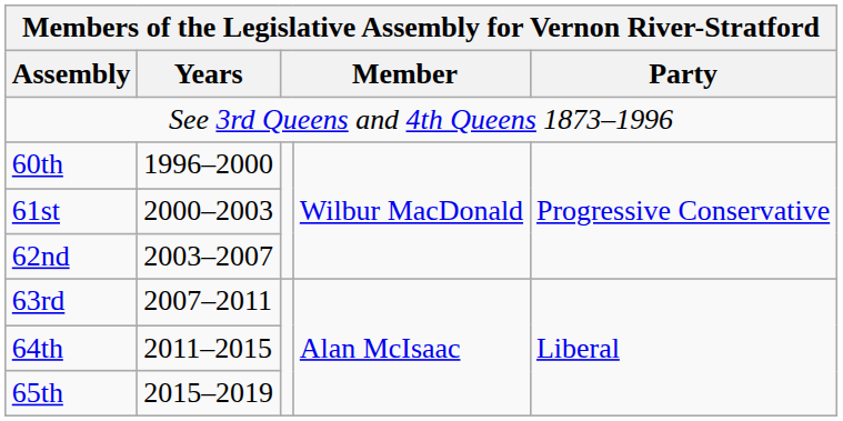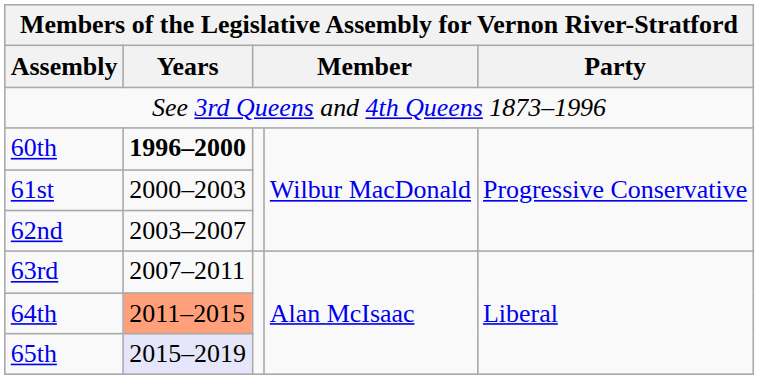 <table class="wikitable" align=centre>
 <tr>
 <th colspan=5>Members of the Legislative Assembly for Vernon River-Stratford</th>
 </tr>
 <tr>
 <th>Assembly</th>
 <th>Years</th>
 <th colspan="2">Member</th>
 <th>Party</th>
 </tr>
 <tr>
 <td align="center" colspan=5><em>See <a href='#'>3rd Queens</a> and <a href='#'>4th Queens</a> 1873–1996</em></td>
 </tr>
 <tr>
 <td><a href='#'>60th</a></td>
-<td>1996–2000</td>
+<td><strong>1996–2000</strong></td>
 <td rowspan=3 ></td>
 <td rowspan=3><a href='#'>Wilbur MacDonald</a></td>
 <td rowspan=3><a href='#'>Progressive Conservative</a></td>
 </tr>
 <tr>
 <td><a href='#'>61st</a></td>
 <td>2000–2003</td>
 </tr>
 <tr>
 <td><a href='#'>62nd</a></td>
 <td>2003–2007</td>
 </tr>
 <tr>
 <td><a href='#'>63rd</a></td>
 <td>2007–2011</td>
 <td rowspan=3 ></td>
 <td rowspan=3><a href='#'>Alan McIsaac</a></td>
 <td rowspan=3><a href='#'>Liberal</a></td>
 </tr>
 <tr>
 <td><a href='#'>64th</a></td>
-<td>2011–2015</td>
+<td style="background: lightsalmon;">2011–2015</td>
 </tr>
 <tr>
 <td><a href='#'>65th</a></td>
-<td>2015–2019</td>
+<td style="background: lavender;">2015–2019</td>
 </tr>
 </table>
